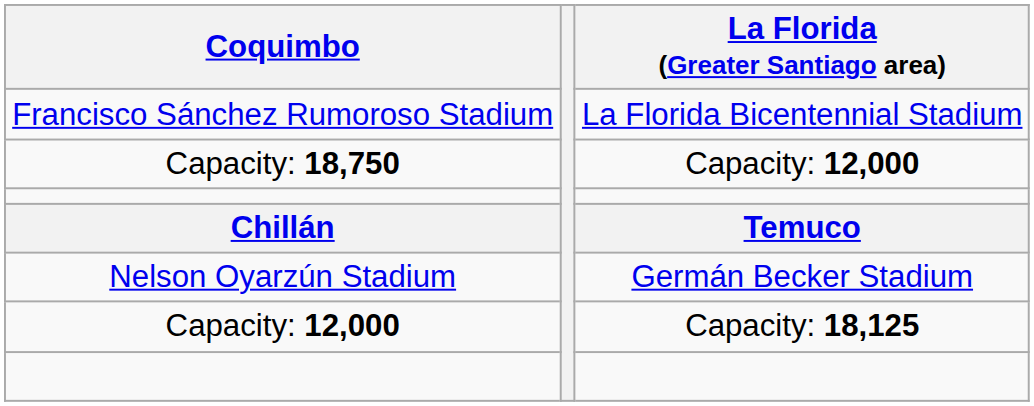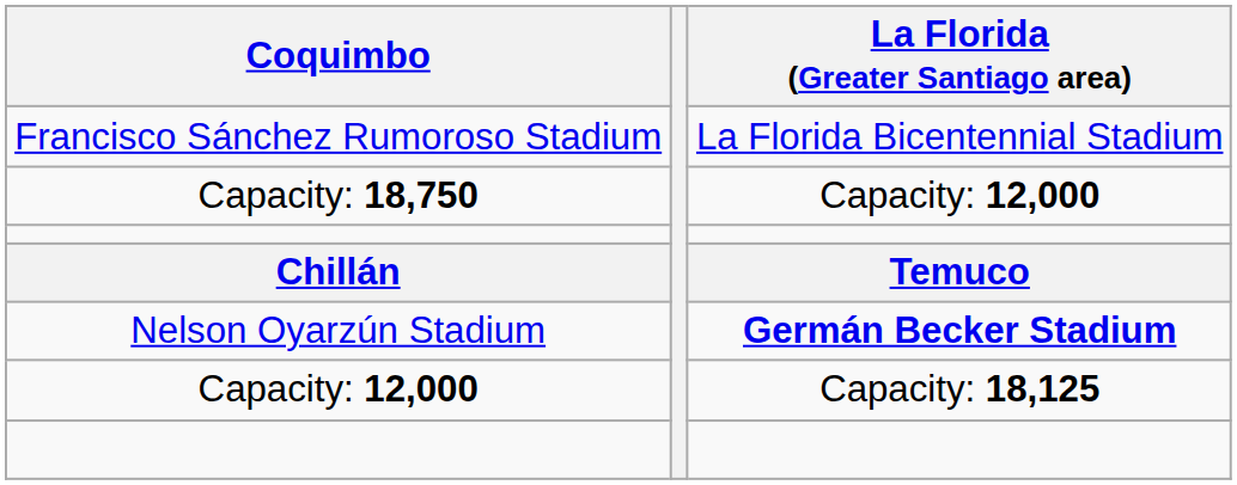 <table class="wikitable" style="text-align:center">
 <tr>
 <th><a href='#'>Coquimbo</a></th>
 <th rowspan="8"></th>
 <th><a href='#'>La Florida</a><br><small>(<a href='#'>Greater Santiago</a> area)</small></th>
 </tr>
 <tr>
 <td><a href='#'>Francisco Sánchez Rumoroso Stadium</a></td>
 <td><a href='#'>La Florida Bicentennial Stadium</a></td>
 </tr>
 <tr>
 <td>Capacity: <strong>18,750</strong></td>
 <td>Capacity: <strong>12,000</strong></td>
 </tr>
 <tr>
 <td></td>
 <td></td>
 </tr>
 <tr>
 <th><a href='#'>Chillán</a></th>
 <th><a href='#'>Temuco</a></th>
 </tr>
 <tr>
 <td><a href='#'>Nelson Oyarzún Stadium</a></td>
-<td><a href='#'>Germán Becker Stadium</a></td>
+<td><strong><a href='#'>Germán Becker Stadium</a></strong></td>
 </tr>
 <tr>
 <td>Capacity: <strong>12,000</strong></td>
 <td>Capacity: <strong>18,125</strong></td>
 </tr>
 <tr>
 <td><br><small></small></td>
 <td><br><small></small></td>
 </tr>
 </table>
